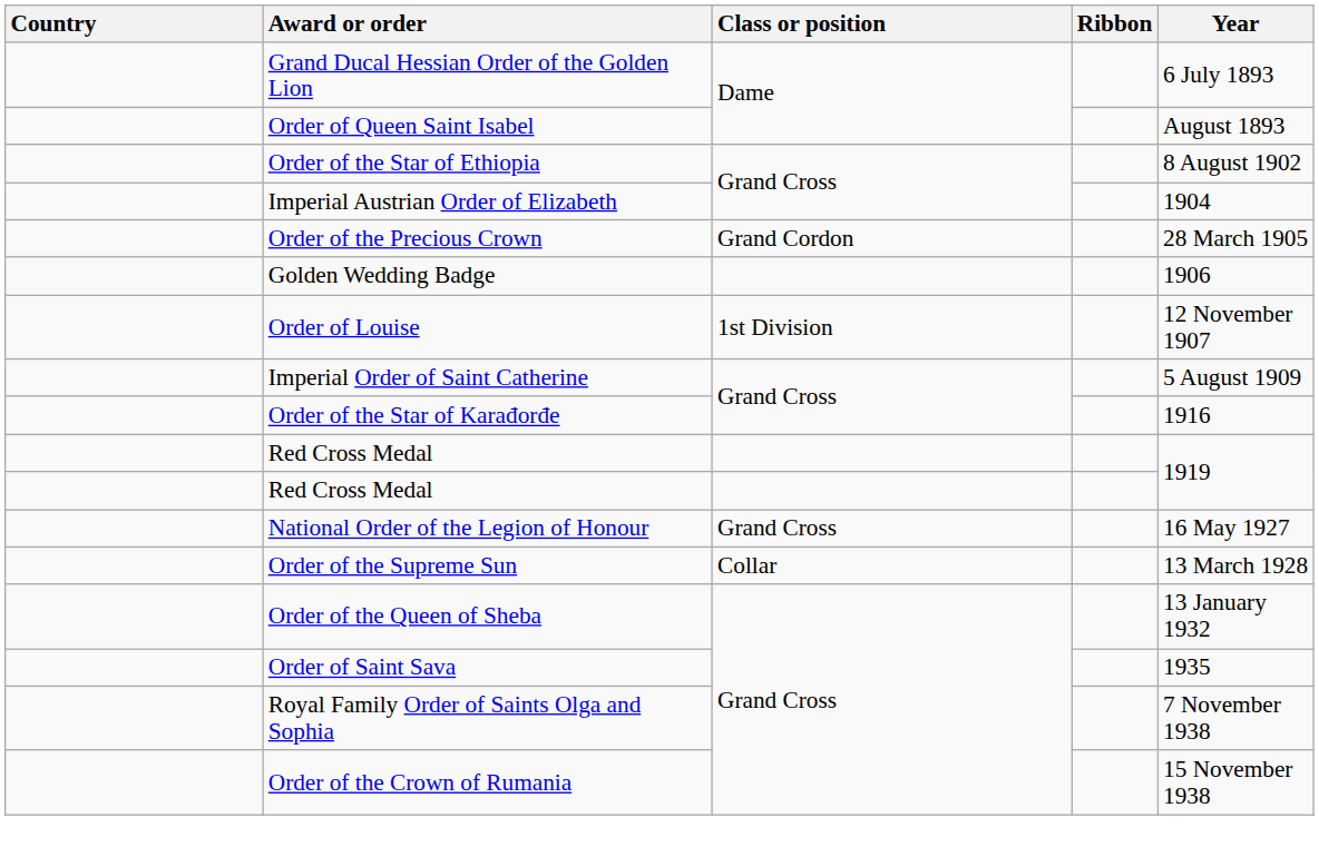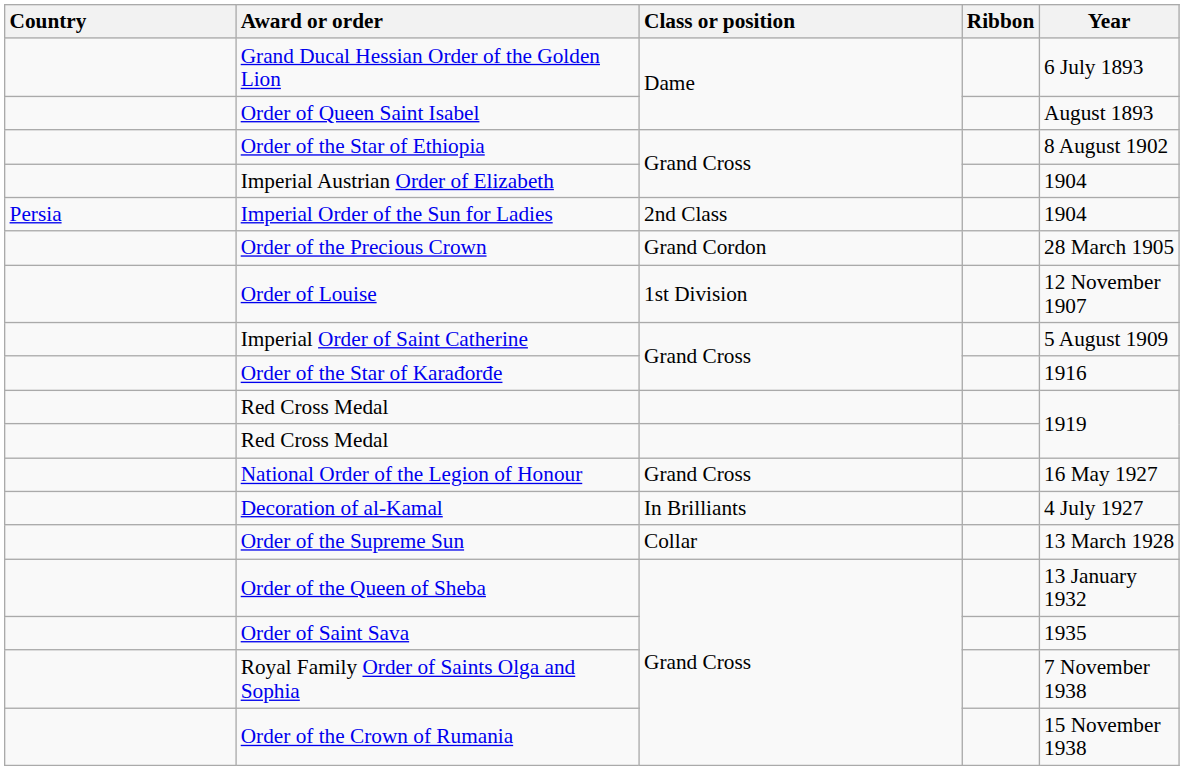 <table class="wikitable" width="100%">
 <tr>
 <th width = "20%" style="text-align:left">Country</th>
 <th width = "35%" style="text-align:left">Award or order</th>
 <th width = "28%" style="text-align:left">Class or position</th>
 <th>Ribbon</th>
 <th width="12%" style="text-aligh:left">Year</th>
 </tr>
 <tr>
 <td></td>
 <td><a href='#'>Grand Ducal Hessian Order of the Golden Lion</a></td>
 <td rowspan="2">Dame</td>
 <td></td>
 <td>6 July 1893</td>
 </tr>
 <tr>
 <td></td>
 <td><a href='#'>Order of Queen Saint Isabel</a></td>
 <td></td>
 <td>August 1893</td>
 </tr>
 <tr>
 <td></td>
 <td><a href='#'>Order of the Star of Ethiopia</a></td>
 <td rowspan="2">Grand Cross</td>
 <td></td>
 <td>8 August 1902</td>
 </tr>
 <tr>
 <td></td>
 <td>Imperial Austrian <a href='#'>Order of Elizabeth</a></td>
 <td></td>
 <td>1904</td>
 </tr>
 <tr>
+<td> <a href='#'>Persia</a></td>
+<td><a href='#'>Imperial Order of the Sun for Ladies</a></td>
+<td>2nd Class</td>
+<td></td>
+<td>1904</td>
+</tr>
+<tr>
 <td></td>
 <td><a href='#'>Order of the Precious Crown</a></td>
 <td>Grand Cordon</td>
 <td></td>
 <td>28 March 1905</td>
-</tr>
-<tr>
-<td></td>
-<td>Golden Wedding Badge</td>
-<td></td>
-<td></td>
-<td>1906<br></td>
 </tr>
 <tr>
 <td></td>
 <td><a href='#'>Order of Louise</a></td>
 <td>1st Division</td>
 <td></td>
 <td>12 November 1907</td>
 </tr>
 <tr>
 <td></td>
 <td>Imperial <a href='#'>Order of Saint Catherine</a></td>
 <td rowspan="2">Grand Cross</td>
 <td></td>
 <td>5 August 1909</td>
 </tr>
 <tr>
 <td></td>
 <td><a href='#'>Order of the Star of Karađorđe</a></td>
 <td></td>
 <td>1916</td>
 </tr>
 <tr>
 <td></td>
 <td>Red Cross Medal</td>
 <td></td>
 <td></td>
 <td rowspan="2">1919</td>
 </tr>
 <tr>
 <td></td>
 <td>Red Cross Medal</td>
 <td></td>
 <td></td>
 </tr>
 <tr>
 <td></td>
 <td><a href='#'>National Order of the Legion of Honour</a></td>
 <td>Grand Cross</td>
 <td></td>
 <td>16 May 1927</td>
 </tr>
 <tr>
 <td></td>
+<td><a href='#'>Decoration of al-Kamal</a></td>
+<td>In Brilliants</td>
+<td></td>
+<td>4 July 1927</td>
+</tr>
+<tr>
+<td></td>
 <td><a href='#'>Order of the Supreme Sun</a></td>
 <td>Collar</td>
 <td></td>
 <td>13 March 1928</td>
 </tr>
 <tr>
 <td></td>
 <td><a href='#'>Order of the Queen of Sheba</a></td>
 <td rowspan="4">Grand Cross</td>
 <td></td>
 <td>13 January 1932</td>
 </tr>
 <tr>
 <td></td>
 <td><a href='#'>Order of Saint Sava</a></td>
 <td></td>
 <td>1935</td>
 </tr>
 <tr>
 <td></td>
 <td>Royal Family <a href='#'>Order of Saints Olga and Sophia</a></td>
 <td></td>
 <td>7 November 1938</td>
 </tr>
 <tr>
 <td></td>
 <td><a href='#'>Order of the Crown of Rumania</a></td>
 <td></td>
 <td>15 November 1938</td>
 </tr>
 </table>
